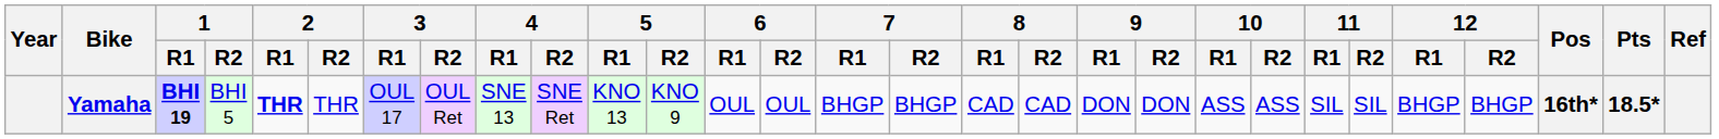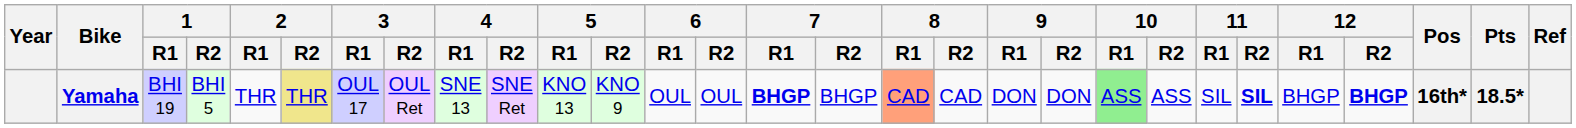 <table class="wikitable" style="text-align:center; font-size:90%">
 <tr>
 <th valign="middle" rowspan=2>Year</th>
 <th valign="middle" rowspan=2>Bike</th>
 <th colspan=2>1</th>
 <th colspan=2>2</th>
 <th colspan=2>3</th>
 <th colspan=2>4</th>
 <th colspan=2>5</th>
 <th colspan=2>6</th>
 <th colspan=2>7</th>
 <th colspan=2>8</th>
 <th colspan=2>9</th>
 <th colspan=2>10</th>
 <th colspan=2>11</th>
 <th colspan=2>12</th>
 <th rowspan=2>Pos</th>
 <th rowspan=2>Pts</th>
 <th rowspan=2>Ref</th>
 </tr>
 <tr>
 <th>R1</th>
 <th>R2</th>
 <th>R1</th>
 <th>R2</th>
 <th>R1</th>
 <th>R2</th>
 <th>R1</th>
 <th>R2</th>
 <th>R1</th>
 <th>R2</th>
 <th>R1</th>
 <th>R2</th>
 <th>R1</th>
 <th>R2</th>
 <th>R1</th>
 <th>R2</th>
 <th>R1</th>
 <th>R2</th>
 <th>R1</th>
 <th>R2</th>
 <th>R1</th>
 <th>R2</th>
 <th>R1</th>
 <th>R2</th>
 </tr>
 <tr>
 <th></th>
 <th><a href='#'>Yamaha</a></th>
-<td style="background:#CFCFFF;"><strong><a href='#'>BHI</a><br><small>19</small></strong></td>
+<td style="background:#CFCFFF;"><a href='#'>BHI</a><br><small>19</small></td>
 <td style="background:#DFFFDF;"><a href='#'>BHI</a><br><small>5</small></td>
-<td><strong><a href='#'>THR</a></strong></td>
 <td><a href='#'>THR</a></td>
+<td style="background: khaki;"><a href='#'>THR</a></td>
 <td style="background:#CFCFFF;"><a href='#'>OUL</a><br><small>17</small></td>
 <td style="background:#EFCFFF;"><a href='#'>OUL</a><br><small>Ret</small></td>
 <td style="background:#DFFFDF;"><a href='#'>SNE</a><br><small>13</small></td>
 <td style="background:#EFCFFF;"><a href='#'>SNE</a><br><small>Ret</small></td>
 <td style="background:#DFFFDF;"><a href='#'>KNO</a><br><small>13</small></td>
 <td style="background:#DFFFDF;"><a href='#'>KNO</a><br><small>9</small></td>
 <td><a href='#'>OUL</a></td>
 <td><a href='#'>OUL</a></td>
+<td><strong><a href='#'>BHGP</a></strong></td>
 <td><a href='#'>BHGP</a></td>
-<td><a href='#'>BHGP</a></td>
-<td><a href='#'>CAD</a></td>
+<td style="background: lightsalmon;"><a href='#'>CAD</a></td>
 <td><a href='#'>CAD</a></td>
 <td><a href='#'>DON</a></td>
 <td><a href='#'>DON</a></td>
-<td><a href='#'>ASS</a></td>
+<td style="background: lightgreen;"><a href='#'>ASS</a></td>
 <td><a href='#'>ASS</a></td>
 <td><a href='#'>SIL</a></td>
-<td><a href='#'>SIL</a></td>
+<td><strong><a href='#'>SIL</a></strong></td>
 <td><a href='#'>BHGP</a></td>
-<td><a href='#'>BHGP</a></td>
+<td><strong><a href='#'>BHGP</a></strong></td>
 <th>16th*</th>
 <th>18.5*</th>
 <th></th>
 </tr>
 </table>
